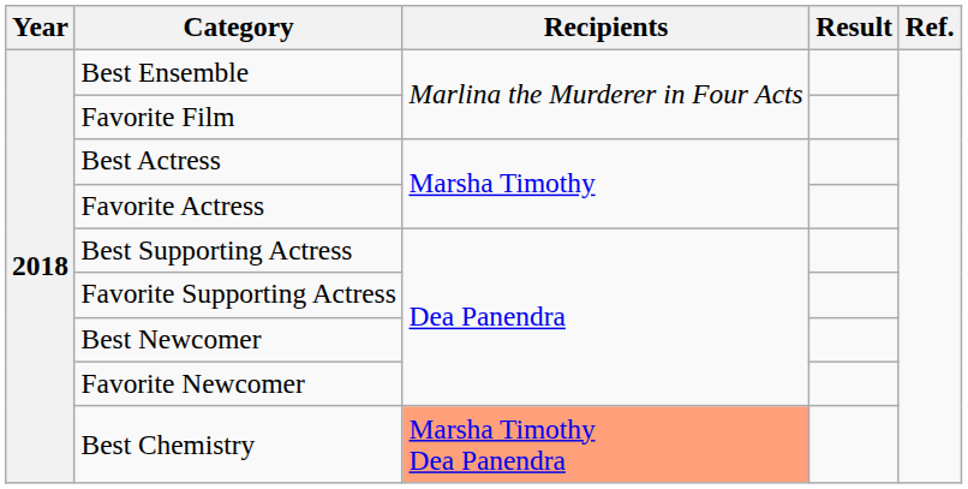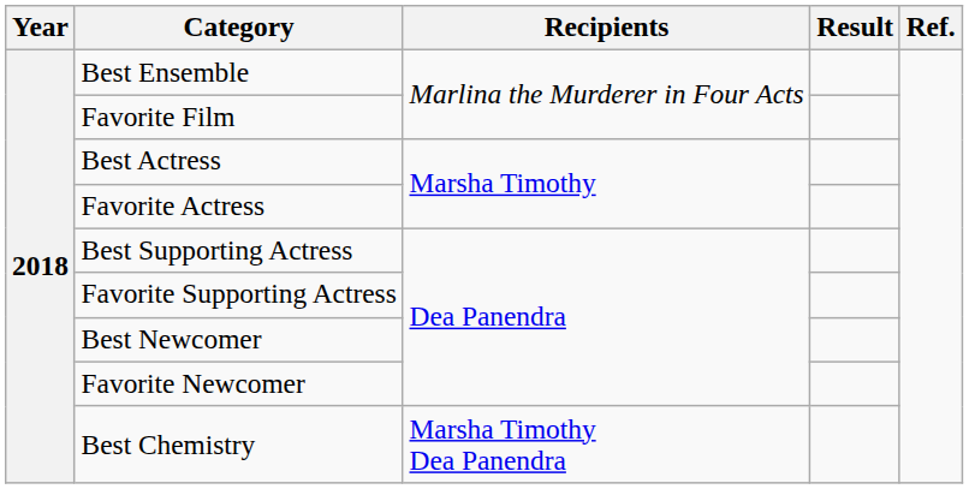 <table class="wikitable plainrowheaders sortable">
 <tr>
 <th>Year</th>
 <th>Category</th>
 <th>Recipients</th>
 <th>Result</th>
 <th class="unsortable">Ref.</th>
 </tr>
 <tr>
 <th rowspan="9">2018</th>
 <td>Best Ensemble</td>
 <td rowspan="2"><em>Marlina the Murderer in Four Acts</em></td>
 <td></td>
 <td rowspan="9"></td>
 </tr>
 <tr>
 <td>Favorite Film</td>
 <td></td>
 </tr>
 <tr>
 <td>Best Actress</td>
 <td rowspan="2"><a href='#'>Marsha Timothy</a></td>
 <td></td>
 </tr>
 <tr>
 <td>Favorite Actress</td>
 <td></td>
 </tr>
 <tr>
 <td>Best Supporting Actress</td>
 <td rowspan="4"><a href='#'>Dea Panendra</a></td>
 <td></td>
 </tr>
 <tr>
 <td>Favorite Supporting Actress</td>
 <td></td>
 </tr>
 <tr>
 <td>Best Newcomer</td>
 <td></td>
 </tr>
 <tr>
 <td>Favorite Newcomer</td>
 <td></td>
 </tr>
 <tr>
 <td>Best Chemistry</td>
-<td style="background: lightsalmon;"><a href='#'>Marsha Timothy</a><br><a href='#'>Dea Panendra</a></td>
+<td><a href='#'>Marsha Timothy</a><br><a href='#'>Dea Panendra</a></td>
 <td></td>
 </tr>
 </table>
